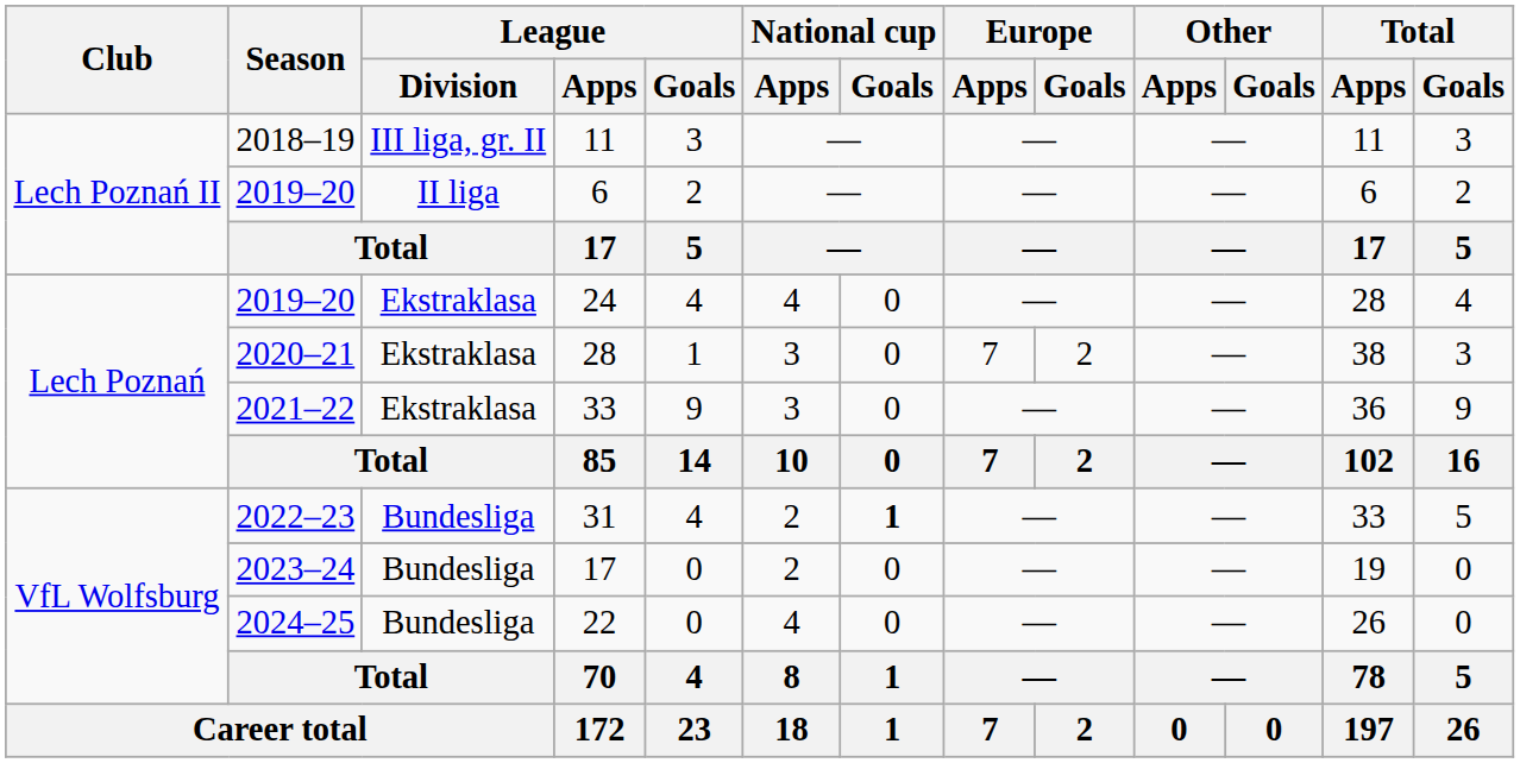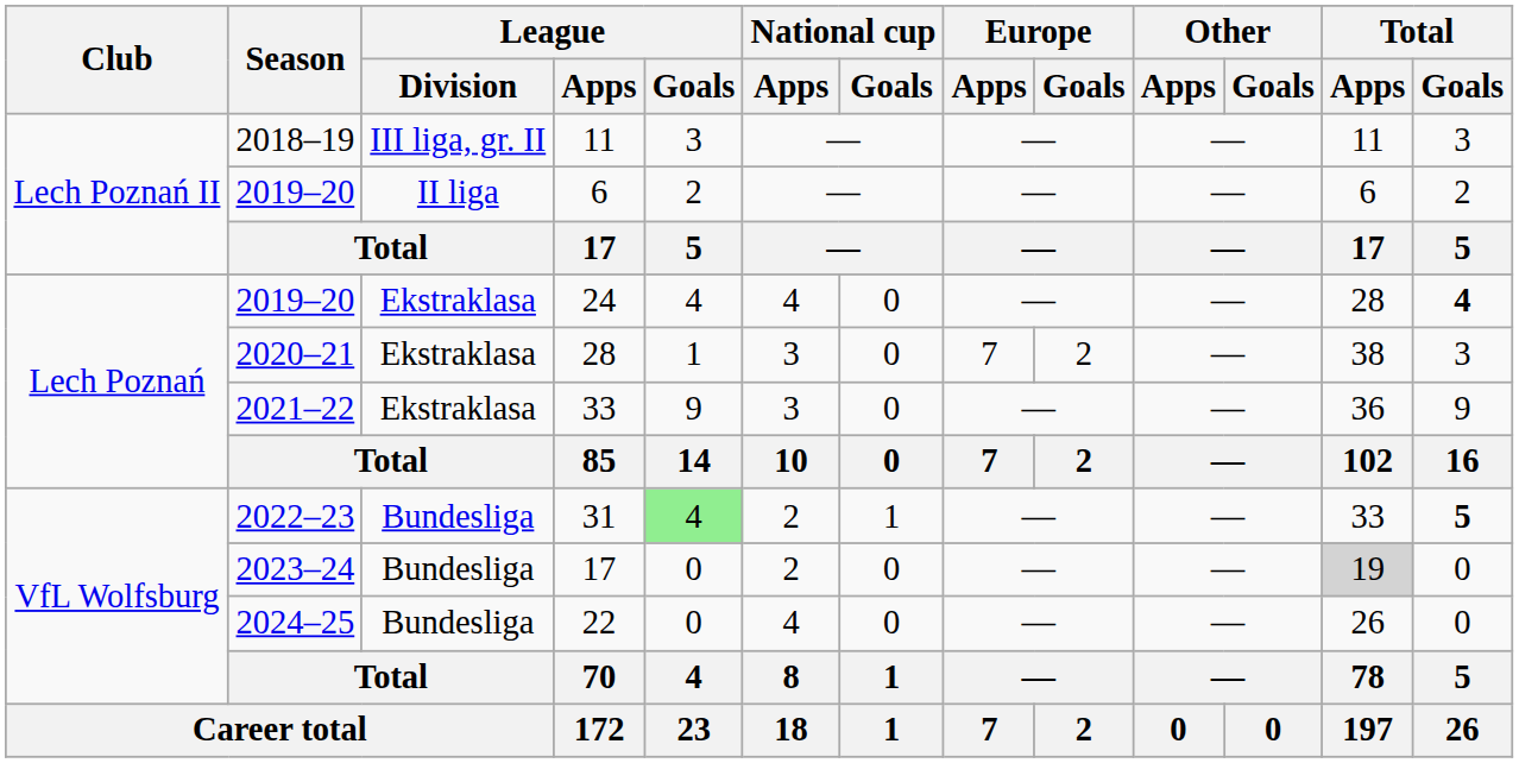 <table class="wikitable" style="text-align: center;">
 <tr>
 <th rowspan="2">Club</th>
 <th rowspan="2">Season</th>
 <th colspan="3">League</th>
 <th colspan="2">National cup</th>
 <th colspan="2">Europe</th>
 <th colspan="2">Other</th>
 <th colspan="2">Total</th>
 </tr>
 <tr>
 <th>Division</th>
 <th>Apps</th>
 <th>Goals</th>
 <th>Apps</th>
 <th>Goals</th>
 <th>Apps</th>
 <th>Goals</th>
 <th>Apps</th>
 <th>Goals</th>
 <th>Apps</th>
 <th>Goals</th>
 </tr>
 <tr>
 <td rowspan="3"><a href='#'>Lech Poznań II</a></td>
 <td>2018–19</td>
 <td><a href='#'>III liga, gr. II</a></td>
 <td>11</td>
 <td>3</td>
 <td colspan="2">—</td>
 <td colspan="2">—</td>
 <td colspan="2">—</td>
 <td>11</td>
 <td>3</td>
 </tr>
 <tr>
 <td><a href='#'>2019–20</a></td>
 <td><a href='#'>II liga</a></td>
 <td>6</td>
 <td>2</td>
 <td colspan="2">—</td>
 <td colspan="2">—</td>
 <td colspan="2">—</td>
 <td>6</td>
 <td>2</td>
 </tr>
 <tr>
 <th colspan="2">Total</th>
 <th>17</th>
 <th>5</th>
 <th colspan="2">—</th>
 <th colspan="2">—</th>
 <th colspan="2">—</th>
 <th>17</th>
 <th>5</th>
 </tr>
 <tr>
 <td rowspan="4"><a href='#'>Lech Poznań</a></td>
 <td><a href='#'>2019–20</a></td>
 <td><a href='#'>Ekstraklasa</a></td>
 <td>24</td>
 <td>4</td>
 <td>4</td>
 <td>0</td>
 <td colspan="2">—</td>
 <td colspan="2">—</td>
 <td>28</td>
-<td>4</td>
+<td><strong>4</strong></td>
 </tr>
 <tr>
 <td><a href='#'>2020–21</a></td>
 <td>Ekstraklasa</td>
 <td>28</td>
 <td>1</td>
 <td>3</td>
 <td>0</td>
 <td>7</td>
 <td>2</td>
 <td colspan="2">—</td>
 <td>38</td>
 <td>3</td>
 </tr>
 <tr>
 <td><a href='#'>2021–22</a></td>
 <td>Ekstraklasa</td>
 <td>33</td>
 <td>9</td>
 <td>3</td>
 <td>0</td>
 <td colspan="2">—</td>
 <td colspan="2">—</td>
 <td>36</td>
 <td>9</td>
 </tr>
 <tr>
 <th colspan="2">Total</th>
 <th>85</th>
 <th>14</th>
 <th>10</th>
 <th>0</th>
 <th>7</th>
 <th>2</th>
 <th colspan="2">—</th>
 <th>102</th>
 <th>16</th>
 </tr>
 <tr>
 <td rowspan="4"><a href='#'>VfL Wolfsburg</a></td>
 <td><a href='#'>2022–23</a></td>
 <td><a href='#'>Bundesliga</a></td>
 <td>31</td>
-<td>4</td>
+<td style="background: lightgreen;">4</td>
 <td>2</td>
-<td><strong>1</strong></td>
+<td>1</td>
 <td colspan="2">—</td>
 <td colspan="2">—</td>
 <td>33</td>
-<td>5</td>
+<td><strong>5</strong></td>
 </tr>
 <tr>
 <td><a href='#'>2023–24</a></td>
 <td>Bundesliga</td>
 <td>17</td>
 <td>0</td>
 <td>2</td>
 <td>0</td>
 <td colspan="2">—</td>
 <td colspan="2">—</td>
-<td>19</td>
+<td style="background: lightgrey;">19</td>
 <td>0</td>
 </tr>
 <tr>
 <td><a href='#'>2024–25</a></td>
 <td>Bundesliga</td>
 <td>22</td>
 <td>0</td>
 <td>4</td>
 <td>0</td>
 <td colspan="2">—</td>
 <td colspan="2">—</td>
 <td>26</td>
 <td>0</td>
 </tr>
 <tr>
 <th colspan="2">Total</th>
 <th>70</th>
 <th>4</th>
 <th>8</th>
 <th>1</th>
 <th colspan="2">—</th>
 <th colspan="2">—</th>
 <th>78</th>
 <th>5</th>
 </tr>
 <tr>
 <th colspan="3">Career total</th>
 <th>172</th>
 <th>23</th>
 <th>18</th>
 <th>1</th>
 <th>7</th>
 <th>2</th>
 <th>0</th>
 <th>0</th>
 <th>197</th>
 <th>26</th>
 </tr>
 </table>
